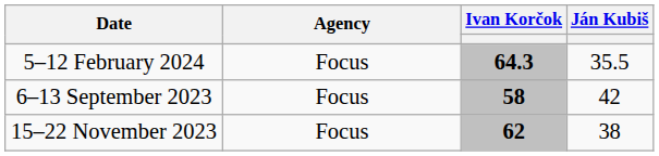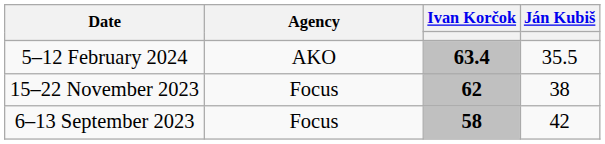 <table class="wikitable" style="text-align:center;">
 <tr style="font-size:80%;">
 <th style="width:150px;" rowspan="2">Date</th>
 <th style="width:165px;" rowspan="2">Agency</th>
 <th><a href='#'>Ivan Korčok</a></th>
 <th><a href='#'>Ján Kubiš</a></th>
 </tr>
 <tr>
 <th style="background:"></th>
 <th style="background:"></th>
 </tr>
 <tr>
 <td>5–12 February 2024</td>
+<td>AKO</td>
+<td style="background:#C0C0C0;"><strong>63.4</strong></td>
+<td>35.5</td>
+</tr>
+<tr>
+<td>15–22 November 2023</td>
 <td>Focus</td>
-<td style="background:#C0C0C0;"><strong>64.3</strong></td>
-<td>35.5</td>
+<td style="background:#C0C0C0;"><strong>62</strong></td>
+<td>38</td>
 </tr>
 <tr>
 <td>6–13 September 2023</td>
 <td>Focus</td>
 <td style="background:#C0C0C0;"><strong>58</strong></td>
 <td>42</td>
 </tr>
-<tr>
-<td>15–22 November 2023</td>
-<td>Focus</td>
-<td style="background:#C0C0C0;"><strong>62</strong></td>
-<td>38</td>
-</tr>
 </table>
